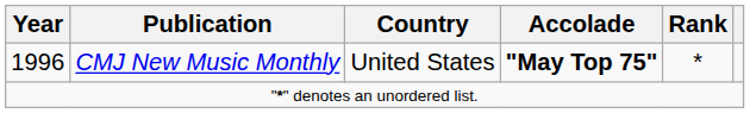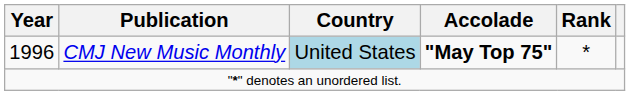 <table class="wikitable sortable" style="margin:0em 1em 1em 0pt">
 <tr>
 <th>Year</th>
 <th>Publication</th>
 <th>Country</th>
 <th>Accolade</th>
 <th>Rank</th>
 <th class=unsortable></th>
 </tr>
 <tr>
 <td align=center>1996</td>
 <td><em><a href='#'>CMJ New Music Monthly</a></em></td>
-<td>United States</td>
+<td style="background: lightblue;">United States</td>
 <td><strong>"May Top 75"</strong></td>
 <td align=center>*</td>
 <td></td>
 </tr>
 <tr class="sortbottom">
 <td colspan=6 style=font-size:8pt; align=center>"<strong>*</strong>" denotes an unordered list.</td>
 </tr>
 </table>
